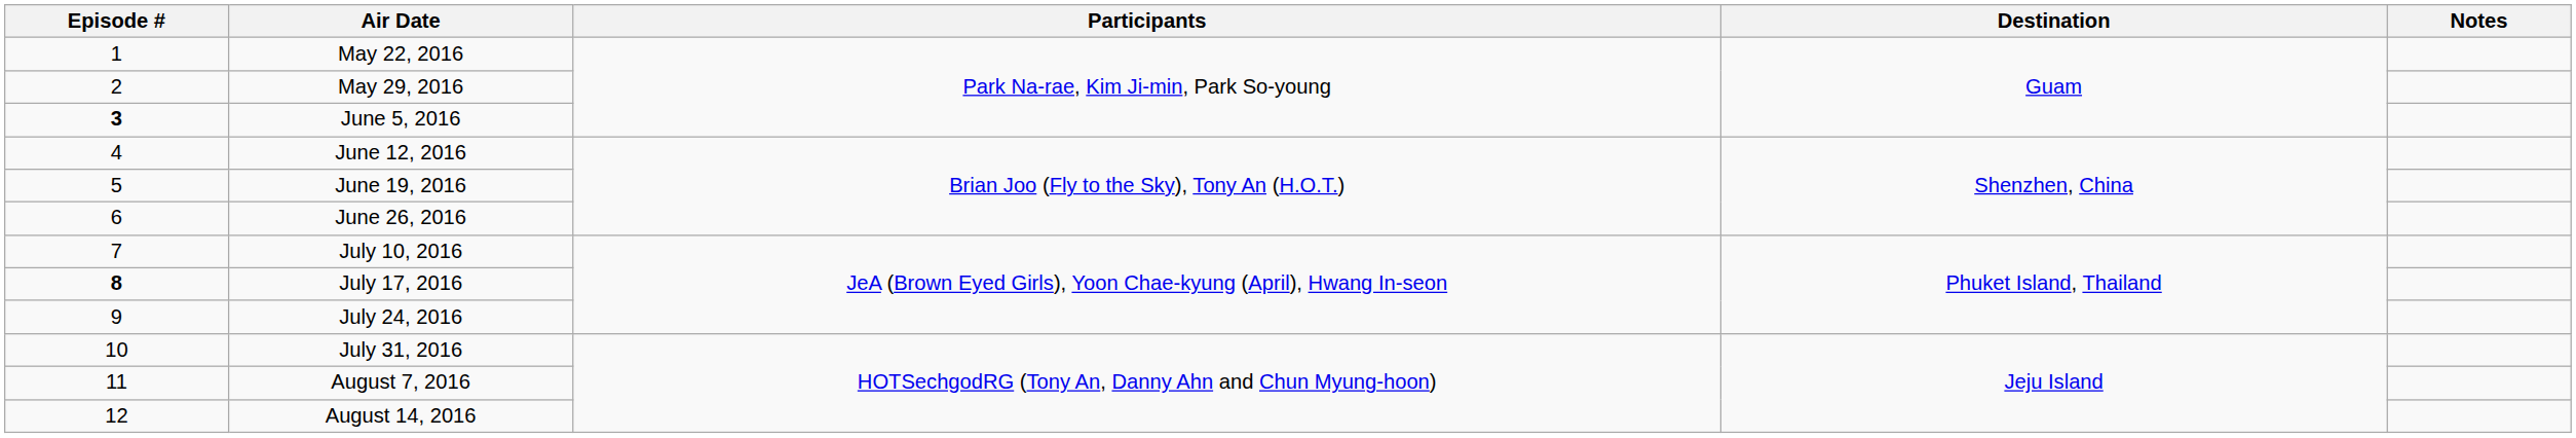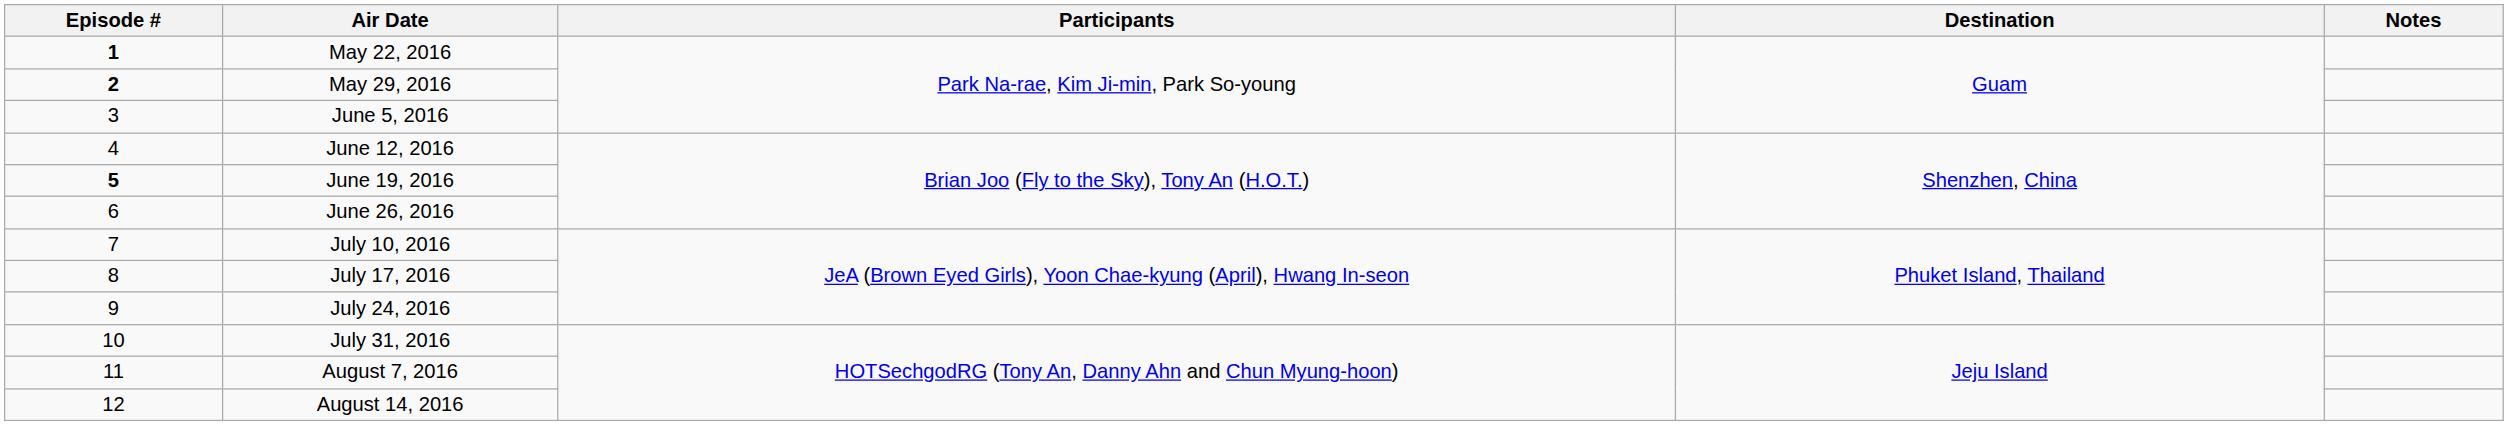 <table class="wikitable" width=100% style="text-align:center" bgcolor="#CCCCCC">
 <tr>
 <th width="50">Episode #</th>
 <th width="100">Air Date</th>
 <th width="350">Participants</th>
 <th width="200">Destination</th>
 <th width="50">Notes</th>
 </tr>
 <tr>
-<td>1</td>
+<td><strong>1</strong></td>
 <td>May 22, 2016</td>
 <td rowspan="3"><a href='#'>Park Na-rae</a>, <a href='#'>Kim Ji-min</a>, Park So-young</td>
 <td rowspan="3"><a href='#'>Guam</a></td>
 <td></td>
 </tr>
 <tr>
-<td>2</td>
+<td><strong>2</strong></td>
 <td>May 29, 2016</td>
 <td></td>
 </tr>
 <tr>
-<td><strong>3</strong></td>
+<td>3</td>
 <td>June 5, 2016</td>
 <td></td>
 </tr>
 <tr>
 <td>4</td>
 <td>June 12, 2016</td>
 <td rowspan="3"><a href='#'>Brian Joo</a> (<a href='#'>Fly to the Sky</a>), <a href='#'>Tony An</a> (<a href='#'>H.O.T.</a>)</td>
 <td rowspan="3"><a href='#'>Shenzhen</a>, <a href='#'>China</a></td>
 <td></td>
 </tr>
 <tr>
-<td>5</td>
+<td><strong>5</strong></td>
 <td>June 19, 2016</td>
 <td></td>
 </tr>
 <tr>
 <td>6</td>
 <td>June 26, 2016</td>
 <td></td>
 </tr>
 <tr>
 <td>7</td>
 <td>July 10, 2016</td>
 <td rowspan="3"><a href='#'>JeA</a> (<a href='#'>Brown Eyed Girls</a>), <a href='#'>Yoon Chae-kyung</a> (<a href='#'>April</a>), <a href='#'>Hwang In-seon</a></td>
 <td rowspan="3"><a href='#'>Phuket Island</a>, <a href='#'>Thailand</a></td>
 <td></td>
 </tr>
 <tr>
-<td><strong>8</strong></td>
+<td>8</td>
 <td>July 17, 2016</td>
 <td></td>
 </tr>
 <tr>
 <td>9</td>
 <td>July 24, 2016</td>
 <td></td>
 </tr>
 <tr>
 <td>10</td>
 <td>July 31, 2016</td>
 <td rowspan="3"><a href='#'>HOTSechgodRG</a> (<a href='#'>Tony An</a>, <a href='#'>Danny Ahn</a> and <a href='#'>Chun Myung-hoon</a>)</td>
 <td rowspan="3"><a href='#'>Jeju Island</a></td>
 <td></td>
 </tr>
 <tr>
 <td>11</td>
 <td>August 7, 2016</td>
 <td></td>
 </tr>
 <tr>
 <td>12</td>
 <td>August 14, 2016</td>
 <td></td>
 </tr>
 </table>
